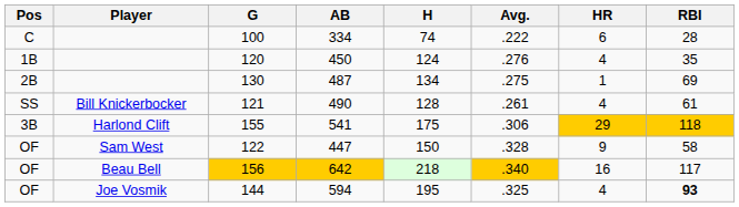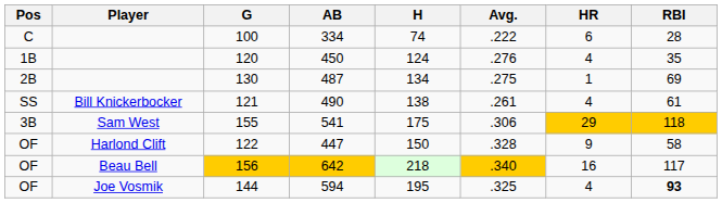 <table class="wikitable sortable">
 <tr>
 <th bgcolor="#DDDDFF" width="5%">Pos</th>
 <th bgcolor="#DDDDFF" width="16%">Player</th>
 <th bgcolor="#DDDDFF" width="9%">G</th>
 <th bgcolor="#DDDDFF" width="9%">AB</th>
 <th bgcolor="#DDDDFF" width="9%">H</th>
 <th bgcolor="#DDDDFF" width="9%">Avg.</th>
 <th bgcolor="#DDDDFF" width="9%">HR</th>
 <th bgcolor="#DDDDFF" width="9%">RBI</th>
 </tr>
 <tr align="center">
 <td>C</td>
 <td></td>
 <td>100</td>
 <td>334</td>
 <td>74</td>
 <td>.222</td>
 <td>6</td>
 <td>28</td>
 </tr>
 <tr align="center">
 <td>1B</td>
 <td></td>
 <td>120</td>
 <td>450</td>
 <td>124</td>
 <td>.276</td>
 <td>4</td>
 <td>35</td>
 </tr>
 <tr align="center">
 <td>2B</td>
 <td></td>
 <td>130</td>
 <td>487</td>
 <td>134</td>
 <td>.275</td>
 <td>1</td>
 <td>69</td>
 </tr>
 <tr align="center">
 <td>SS</td>
 <td><a href='#'>Bill Knickerbocker</a></td>
 <td>121</td>
 <td>490</td>
-<td>128</td>
+<td>138</td>
 <td>.261</td>
 <td>4</td>
 <td>61</td>
 </tr>
 <tr align=center>
 <td>3B</td>
-<td><a href='#'>Harlond Clift</a></td>
+<td><a href='#'>Sam West</a></td>
 <td>155</td>
 <td>541</td>
 <td>175</td>
 <td>.306</td>
 <td style="background:#fc0;">29</td>
 <td style="background:#fc0;">118</td>
 </tr>
 <tr align=center>
 <td>OF</td>
-<td><a href='#'>Sam West</a></td>
+<td><a href='#'>Harlond Clift</a></td>
 <td>122</td>
 <td>447</td>
 <td>150</td>
 <td>.328</td>
 <td>9</td>
 <td>58</td>
 </tr>
 <tr align=center>
 <td>OF</td>
 <td><a href='#'>Beau Bell</a></td>
 <td style="background:#fc0;">156</td>
 <td style="background:#fc0;">642</td>
 <td style="background:#DDFFDD;">218</td>
 <td style="background:#fc0;">.340</td>
 <td>16</td>
 <td>117</td>
 </tr>
 <tr align=center>
 <td>OF</td>
 <td><a href='#'>Joe Vosmik</a></td>
 <td>144</td>
 <td>594</td>
 <td>195</td>
 <td>.325</td>
 <td>4</td>
 <td><strong>93</strong></td>
 </tr>
 </table>
